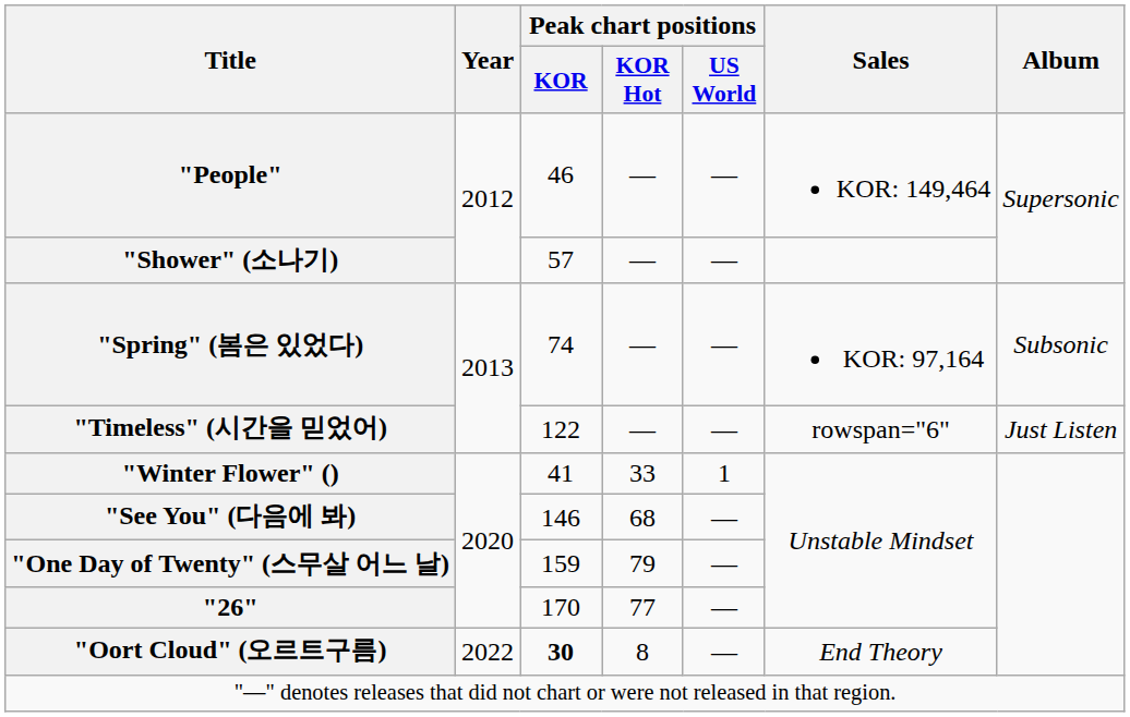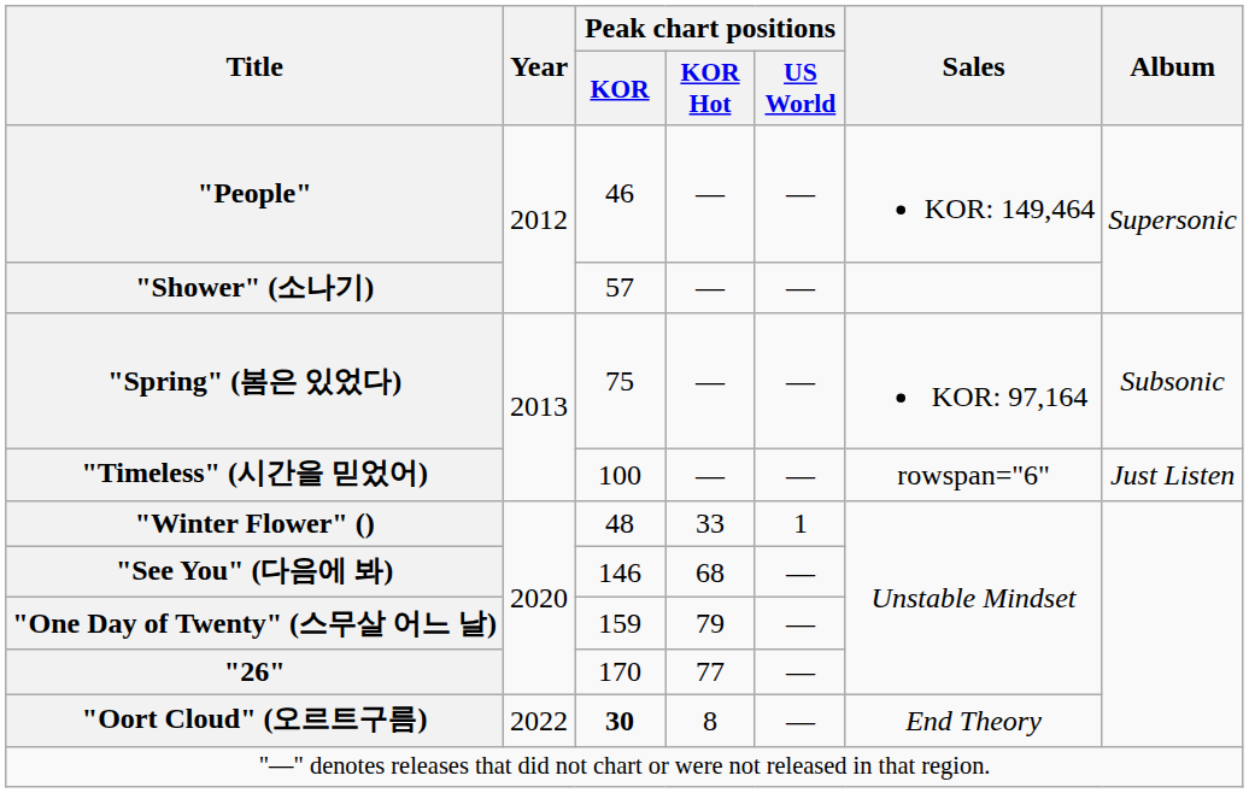 <table class="wikitable plainrowheaders" style="text-align:center;">
 <tr>
 <th scope="col" rowspan="2">Title</th>
 <th scope="col" rowspan="2">Year</th>
 <th scope="col" colspan="3">Peak chart positions</th>
 <th scope="col" rowspan="2">Sales</th>
 <th scope="col" rowspan="2">Album</th>
 </tr>
 <tr>
 <th scope="col" style="width:3em;font-size:90%;"><a href='#'>KOR</a><br></th>
 <th scope="col" style="width:3em;font-size:90%;"><a href='#'>KOR<br>Hot</a><br></th>
 <th scope="col" style="width:3em;font-size:90%;"><a href='#'>US<br>World</a><br></th>
 </tr>
 <tr>
 <th scope="row">"People"</th>
 <td rowspan="2">2012</td>
 <td>46</td>
 <td>—</td>
 <td>—</td>
 <td><br><ul><li>KOR: 149,464</li></ul></td>
 <td rowspan="2"><em>Supersonic</em></td>
 </tr>
 <tr>
 <th scope="row">"Shower" (소나기)</th>
 <td>57</td>
 <td>—</td>
 <td>—</td>
 <td></td>
 </tr>
 <tr>
 <th scope="row">"Spring" (봄은 있었다)</th>
 <td rowspan="2">2013</td>
-<td>74</td>
+<td>75</td>
 <td>—</td>
 <td>—</td>
 <td><br><ul><li>KOR: 97,164</li></ul></td>
 <td><em>Subsonic</em></td>
 </tr>
 <tr>
 <th scope="row">"Timeless" (시간을 믿었어)</th>
-<td>122</td>
+<td>100</td>
 <td>—</td>
 <td>—</td>
 <td>rowspan="6" </td>
 <td><em>Just Listen</em></td>
 </tr>
 <tr>
 <th scope="row">"Winter Flower" () </th>
 <td rowspan="4">2020</td>
-<td>41</td>
+<td>48</td>
 <td>33</td>
 <td>1</td>
 <td rowspan="4"><em>Unstable Mindset</em></td>
 </tr>
 <tr>
 <th scope="row">"See You" (다음에 봐)</th>
 <td>146</td>
 <td>68</td>
 <td>—</td>
 </tr>
 <tr>
 <th scope="row">"One Day of Twenty" (스무살 어느 날)</th>
 <td>159</td>
 <td>79</td>
 <td>—</td>
 </tr>
 <tr>
 <th scope="row">"26"</th>
 <td>170</td>
 <td>77</td>
 <td>—</td>
 </tr>
 <tr>
 <th scope="row">"Oort Cloud" (오르트구름)</th>
 <td>2022</td>
 <td><strong>30</strong></td>
 <td>8</td>
 <td>—</td>
 <td><em>End Theory</em></td>
 </tr>
 <tr>
 <td colspan="7" style="font-size:85%">"—" denotes releases that did not chart or were not released in that region.</td>
 </tr>
 </table>
